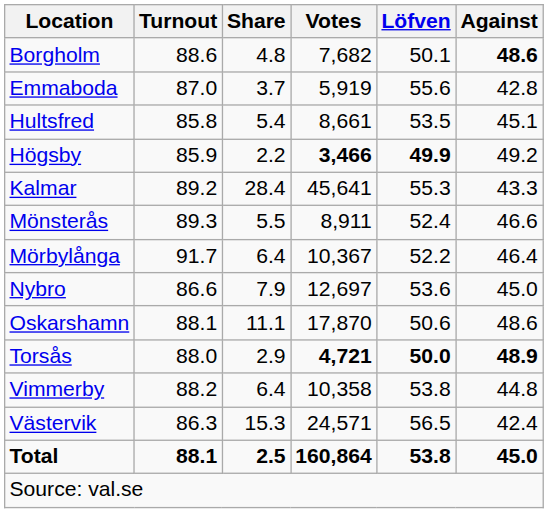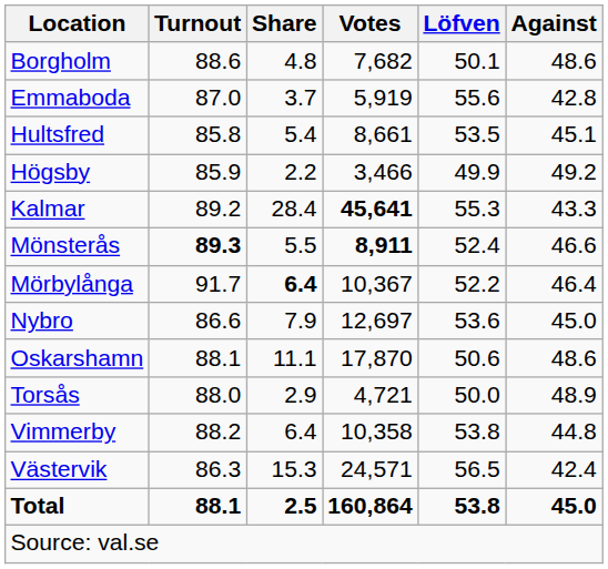 <table class="wikitable sortable" style=text-align:right>
 <tr>
 <th>Location</th>
 <th>Turnout</th>
 <th>Share</th>
 <th>Votes</th>
 <th><a href='#'>Löfven</a></th>
 <th>Against</th>
 </tr>
 <tr>
 <td align=left><a href='#'>Borgholm</a></td>
 <td>88.6</td>
 <td>4.8</td>
 <td>7,682</td>
 <td>50.1</td>
-<td><strong>48.6</strong></td>
+<td>48.6</td>
 </tr>
 <tr>
 <td align=left><a href='#'>Emmaboda</a></td>
 <td>87.0</td>
 <td>3.7</td>
 <td>5,919</td>
 <td>55.6</td>
 <td>42.8</td>
 </tr>
 <tr>
 <td align=left><a href='#'>Hultsfred</a></td>
 <td>85.8</td>
 <td>5.4</td>
 <td>8,661</td>
 <td>53.5</td>
 <td>45.1</td>
 </tr>
 <tr>
 <td align=left><a href='#'>Högsby</a></td>
 <td>85.9</td>
 <td>2.2</td>
-<td><strong>3,466</strong></td>
-<td><strong>49.9</strong></td>
+<td>3,466</td>
+<td>49.9</td>
 <td>49.2</td>
 </tr>
 <tr>
 <td align=left><a href='#'>Kalmar</a></td>
 <td>89.2</td>
 <td>28.4</td>
-<td>45,641</td>
+<td><strong>45,641</strong></td>
 <td>55.3</td>
 <td>43.3</td>
 </tr>
 <tr>
 <td align=left><a href='#'>Mönsterås</a></td>
-<td>89.3</td>
+<td><strong>89.3</strong></td>
 <td>5.5</td>
-<td>8,911</td>
+<td><strong>8,911</strong></td>
 <td>52.4</td>
 <td>46.6</td>
 </tr>
 <tr>
 <td align=left><a href='#'>Mörbylånga</a></td>
 <td>91.7</td>
-<td>6.4</td>
+<td><strong>6.4</strong></td>
 <td>10,367</td>
 <td>52.2</td>
 <td>46.4</td>
 </tr>
 <tr>
 <td align=left><a href='#'>Nybro</a></td>
 <td>86.6</td>
 <td>7.9</td>
 <td>12,697</td>
 <td>53.6</td>
 <td>45.0</td>
 </tr>
 <tr>
 <td align=left><a href='#'>Oskarshamn</a></td>
 <td>88.1</td>
 <td>11.1</td>
 <td>17,870</td>
 <td>50.6</td>
 <td>48.6</td>
 </tr>
 <tr>
 <td align=left><a href='#'>Torsås</a></td>
 <td>88.0</td>
 <td>2.9</td>
-<td><strong>4,721</strong></td>
-<td><strong>50.0</strong></td>
-<td><strong>48.9</strong></td>
+<td>4,721</td>
+<td>50.0</td>
+<td>48.9</td>
 </tr>
 <tr>
 <td align=left><a href='#'>Vimmerby</a></td>
 <td>88.2</td>
 <td>6.4</td>
 <td>10,358</td>
 <td>53.8</td>
 <td>44.8</td>
 </tr>
 <tr>
 <td align=left><a href='#'>Västervik</a></td>
 <td>86.3</td>
 <td>15.3</td>
 <td>24,571</td>
 <td>56.5</td>
 <td>42.4</td>
 </tr>
 <tr>
 <td align=left><strong>Total</strong></td>
 <td><strong>88.1</strong></td>
 <td><strong>2.5</strong></td>
 <td><strong>160,864</strong></td>
 <td><strong>53.8</strong></td>
 <td><strong>45.0</strong></td>
 </tr>
 <tr>
 <td align=left colspan=6>Source: val.se</td>
 </tr>
 </table>
